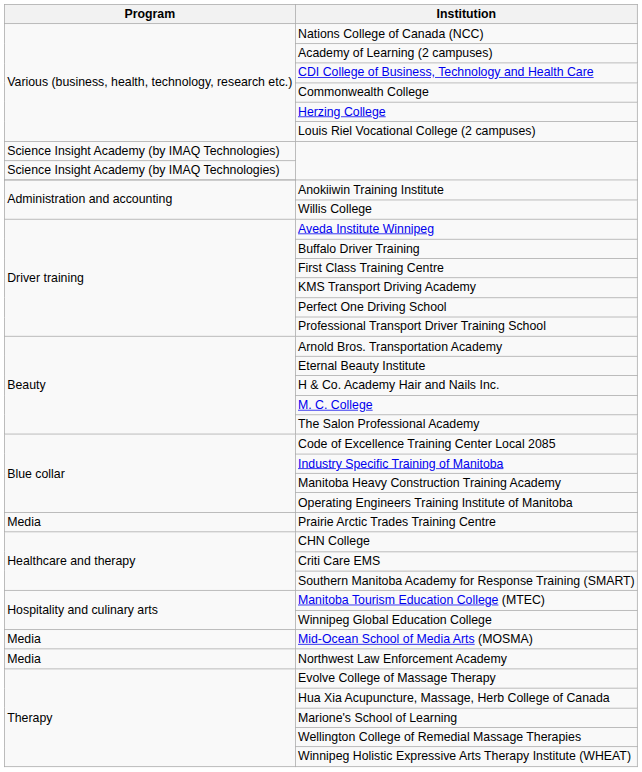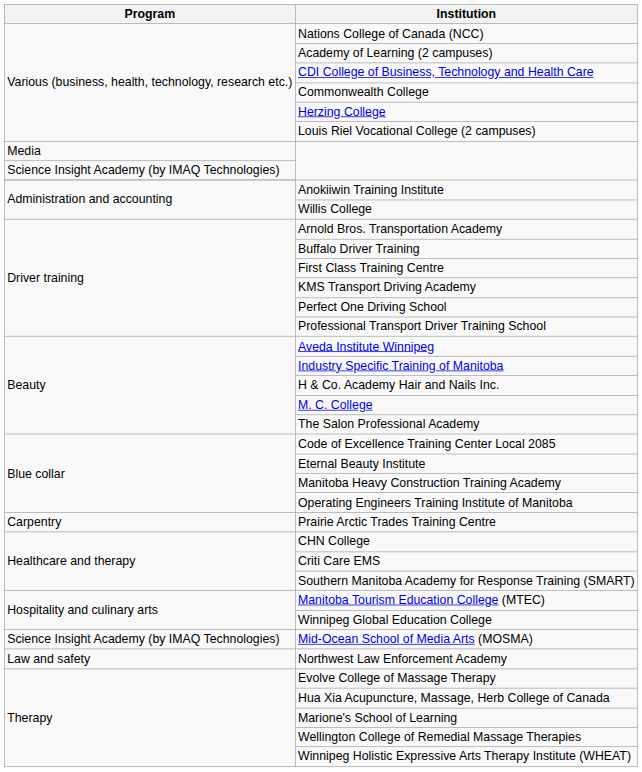 <table class="wikitable">
 <tr>
 <th>Program</th>
 <th>Institution</th>
 </tr>
 <tr>
 <td rowspan="6">Various (business, health, technology, research etc.)</td>
 <td>Nations College of Canada (NCC)</td>
 </tr>
 <tr>
 <td>Academy of Learning (2 campuses)</td>
 </tr>
 <tr>
 <td><a href='#'>CDI College of Business, Technology and Health Care</a></td>
 </tr>
 <tr>
 <td>Commonwealth College</td>
 </tr>
 <tr>
 <td><a href='#'>Herzing College</a></td>
 </tr>
 <tr>
 <td>Louis Riel Vocational College (2 campuses)</td>
 </tr>
 <tr>
-<td>Science Insight Academy (by IMAQ Technologies)</td>
+<td>Media</td>
 </tr>
 <tr>
 <td>Science Insight Academy (by IMAQ Technologies)</td>
 </tr>
 <tr>
 </tr>
 <tr>
 <td rowspan="2">Administration and accounting</td>
 <td>Anokiiwin Training Institute</td>
 </tr>
 <tr>
 <td>Willis College</td>
 </tr>
 <tr>
 <td rowspan="6">Driver training</td>
-<td><a href='#'>Aveda Institute Winnipeg</a></td>
+<td>Arnold Bros. Transportation Academy</td>
 </tr>
 <tr>
 <td>Buffalo Driver Training</td>
 </tr>
 <tr>
 <td>First Class Training Centre</td>
 </tr>
 <tr>
 <td>KMS Transport Driving Academy</td>
 </tr>
 <tr>
 <td>Perfect One Driving School</td>
 </tr>
 <tr>
 <td>Professional Transport Driver Training School</td>
 </tr>
 <tr>
 <td rowspan="5">Beauty</td>
-<td>Arnold Bros. Transportation Academy</td>
+<td><a href='#'>Aveda Institute Winnipeg</a></td>
 </tr>
 <tr>
-<td>Eternal Beauty Institute</td>
+<td><a href='#'>Industry Specific Training of Manitoba</a></td>
 </tr>
 <tr>
 <td>H & Co. Academy Hair and Nails Inc.</td>
 </tr>
 <tr>
 <td><a href='#'>M. C. College</a></td>
 </tr>
 <tr>
 <td>The Salon Professional Academy</td>
 </tr>
 <tr>
 <td rowspan="4">Blue collar</td>
 <td>Code of Excellence Training Center Local 2085</td>
 </tr>
 <tr>
-<td><a href='#'>Industry Specific Training of Manitoba</a></td>
+<td>Eternal Beauty Institute</td>
 </tr>
 <tr>
 <td>Manitoba Heavy Construction Training Academy</td>
 </tr>
 <tr>
 <td>Operating Engineers Training Institute of Manitoba</td>
 </tr>
 <tr>
-<td>Media</td>
+<td>Carpentry</td>
 <td>Prairie Arctic Trades Training Centre</td>
 </tr>
 <tr>
 <td rowspan="3">Healthcare and therapy</td>
 <td>CHN College</td>
 </tr>
 <tr>
 <td>Criti Care EMS</td>
 </tr>
 <tr>
 <td>Southern Manitoba Academy for Response Training (SMART)</td>
 </tr>
 <tr>
 <td rowspan="2">Hospitality and culinary arts</td>
 <td><a href='#'>Manitoba Tourism Education College</a> (MTEC)</td>
 </tr>
 <tr>
 <td>Winnipeg Global Education College</td>
 </tr>
 <tr>
-<td>Media</td>
+<td>Science Insight Academy (by IMAQ Technologies)</td>
 <td><a href='#'>Mid-Ocean School of Media Arts</a> (MOSMA)</td>
 </tr>
 <tr>
-<td>Media</td>
+<td>Law and safety</td>
 <td>Northwest Law Enforcement Academy</td>
 </tr>
 <tr>
 <td rowspan="5">Therapy</td>
 <td>Evolve College of Massage Therapy</td>
 </tr>
 <tr>
 <td>Hua Xia Acupuncture, Massage, Herb College of Canada</td>
 </tr>
 <tr>
 <td>Marione's School of Learning</td>
 </tr>
 <tr>
 <td>Wellington College of Remedial Massage Therapies</td>
 </tr>
 <tr>
 <td>Winnipeg Holistic Expressive Arts Therapy Institute (WHEAT)</td>
 </tr>
 </table>
